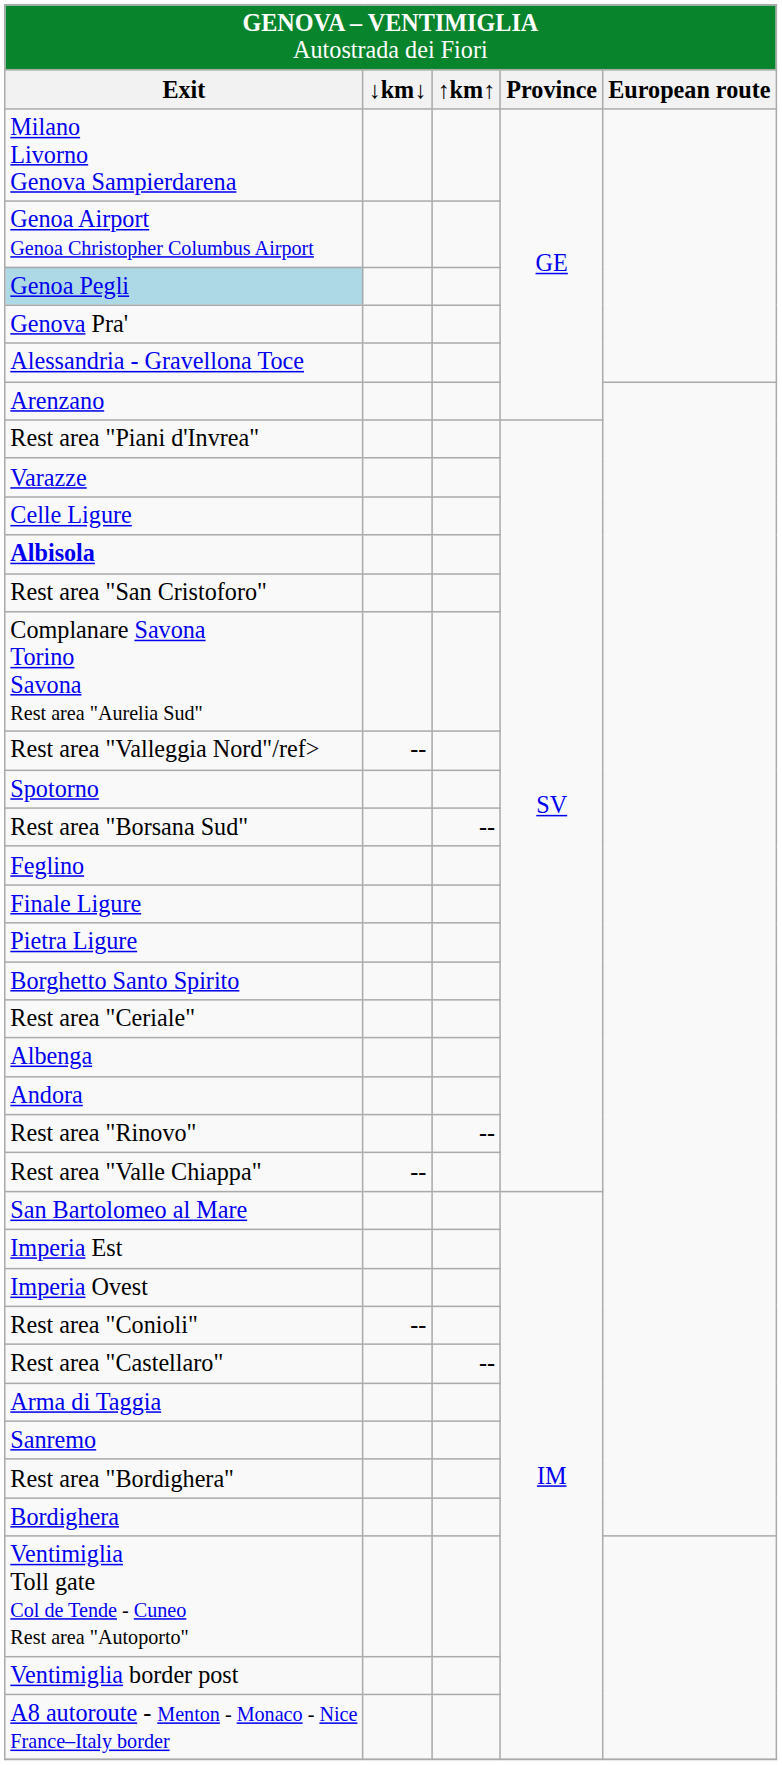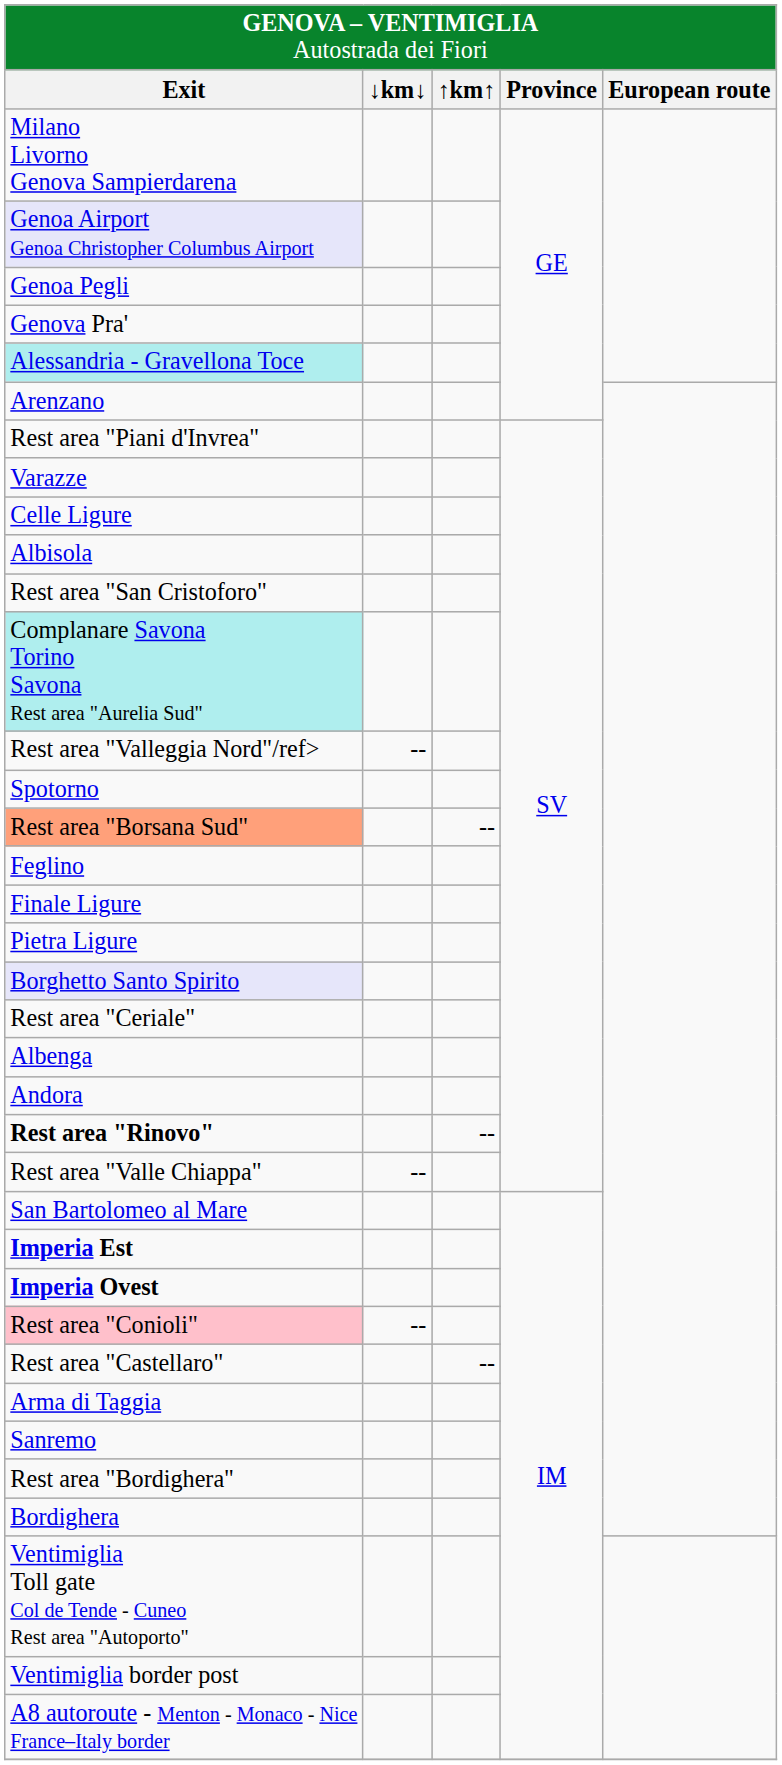 <table class="wikitable">
 <tr align="center" style="color: white;" bgcolor="#08842c">
 <td colspan="6"><strong> GENOVA – VENTIMIGLIA</strong><br>Autostrada dei Fiori</td>
 </tr>
 <tr>
 <th><strong>Exit</strong></th>
 <th align="center"><strong>↓km↓</strong></th>
 <th align="center"><strong>↑km↑</strong></th>
 <th align="center"><strong>Province</strong></th>
 <th align="center"><strong>European route</strong></th>
 </tr>
 <tr>
 <td>  <a href='#'>Milano</a><br>  <a href='#'>Livorno</a><br>  <a href='#'>Genova Sampierdarena</a></td>
 <td align="right"></td>
 <td align="right"></td>
 <td rowspan=6 align="center"><a href='#'>GE</a></td>
 <td rowspan=5 align="center"><br></td>
 </tr>
 <tr>
-<td> <a href='#'>Genoa Airport</a><br><small>  <a href='#'>Genoa Christopher Columbus Airport</a></small></td>
+<td style="background: lavender;"> <a href='#'>Genoa Airport</a><br><small>  <a href='#'>Genoa Christopher Columbus Airport</a></small></td>
 <td align="right"></td>
 <td align="right"></td>
 </tr>
 <tr>
-<td style="background: lightblue;"> <a href='#'>Genoa Pegli</a></td>
+<td> <a href='#'>Genoa Pegli</a></td>
 <td align="right"></td>
 <td align="right"></td>
 </tr>
 <tr>
 <td> <a href='#'>Genova</a>  Pra'</td>
 <td align="right"></td>
 <td align="right"></td>
 </tr>
 <tr>
-<td>  <a href='#'>Alessandria - Gravellona Toce</a></td>
+<td style="background: paleturquoise;">  <a href='#'>Alessandria - Gravellona Toce</a></td>
 <td align="right"></td>
 <td align="right"></td>
 </tr>
 <tr>
 <td> <a href='#'>Arenzano</a></td>
 <td align="right"></td>
 <td align="right"></td>
 <td rowspan=28 align="center"></td>
 </tr>
 <tr>
 <td>  Rest area "Piani d'Invrea"</td>
 <td align="right"></td>
 <td align="right"></td>
 <td rowspan=18 align="center"><a href='#'>SV</a></td>
 </tr>
 <tr>
 <td> <a href='#'>Varazze</a></td>
 <td align="right"></td>
 <td align="right"></td>
 </tr>
 <tr>
 <td> <a href='#'>Celle Ligure</a></td>
 <td align="right"></td>
 <td align="right"></td>
 </tr>
 <tr>
-<td><strong> <a href='#'>Albisola</a></strong></td>
+<td> <a href='#'>Albisola</a></td>
 <td align="right"></td>
 <td align="right"></td>
 </tr>
 <tr>
 <td>  Rest area "San Cristoforo"</td>
 <td align="right"></td>
 <td align="right"></td>
 </tr>
 <tr>
-<td> Complanare <a href='#'>Savona</a><br> <a href='#'>Torino</a><br> <a href='#'>Savona</a><br><small>  Rest area "Aurelia Sud"</small></td>
+<td style="background: paleturquoise;"> Complanare <a href='#'>Savona</a><br> <a href='#'>Torino</a><br> <a href='#'>Savona</a><br><small>  Rest area "Aurelia Sud"</small></td>
 <td align="right"></td>
 <td align="right"></td>
 </tr>
 <tr>
 <td>  Rest area "Valleggia Nord"/ref></td>
 <td align="right">--</td>
 <td align="right"></td>
 </tr>
 <tr>
 <td> <a href='#'>Spotorno</a></td>
 <td align="right"></td>
 <td align="right"></td>
 </tr>
 <tr>
-<td>  Rest area "Borsana Sud"</td>
+<td style="background: lightsalmon;">  Rest area "Borsana Sud"</td>
 <td align="right"></td>
 <td align="right">--</td>
 </tr>
 <tr>
 <td> <a href='#'>Feglino</a></td>
 <td align="right"></td>
 <td align="right"></td>
 </tr>
 <tr>
 <td> <a href='#'>Finale Ligure</a></td>
 <td align="right"></td>
 <td align="right"></td>
 </tr>
 <tr>
 <td> <a href='#'>Pietra Ligure</a></td>
 <td align="right"></td>
 <td align="right"></td>
 </tr>
 <tr>
-<td> <a href='#'>Borghetto Santo Spirito</a></td>
+<td style="background: lavender;"> <a href='#'>Borghetto Santo Spirito</a></td>
 <td align="right"></td>
 <td align="right"></td>
 </tr>
 <tr>
 <td>  Rest area "Ceriale"</td>
 <td align="right"></td>
 <td align="right"></td>
 </tr>
 <tr>
 <td> <a href='#'>Albenga</a></td>
 <td align="right"></td>
 <td align="right"></td>
 </tr>
 <tr>
 <td> <a href='#'>Andora</a></td>
 <td align="right"></td>
 <td align="right"></td>
 </tr>
 <tr>
-<td>  Rest area "Rinovo"</td>
+<td><strong>  Rest area "Rinovo"</strong></td>
 <td align="right"></td>
 <td align="right">--</td>
 </tr>
 <tr>
 <td>  Rest area "Valle Chiappa"</td>
 <td align="right">--</td>
 <td align="right"></td>
 </tr>
 <tr>
 <td> <a href='#'>San Bartolomeo al Mare</a></td>
 <td align="right"></td>
 <td align="right"></td>
 <td rowspan=12 align="center"><a href='#'>IM</a></td>
 </tr>
 <tr>
-<td> <a href='#'>Imperia</a> Est</td>
+<td><strong> <a href='#'>Imperia</a> Est</strong></td>
 <td align="right"></td>
 <td align="right"></td>
 </tr>
 <tr>
-<td> <a href='#'>Imperia</a> Ovest</td>
+<td><strong> <a href='#'>Imperia</a> Ovest</strong></td>
 <td align="right"></td>
 <td align="right"></td>
 </tr>
 <tr>
-<td>  Rest area "Conioli"</td>
+<td style="background: pink;">  Rest area "Conioli"</td>
 <td align="right">--</td>
 <td align="right"></td>
 </tr>
 <tr>
 <td>  Rest area "Castellaro"</td>
 <td align="right"></td>
 <td align="right">--</td>
 </tr>
 <tr>
 <td> <a href='#'>Arma di Taggia</a></td>
 <td align="right"></td>
 <td align="right"></td>
 </tr>
 <tr>
 <td> <a href='#'>Sanremo</a></td>
 <td align="right"></td>
 <td align="right"></td>
 </tr>
 <tr>
 <td>  Rest area "Bordighera"</td>
 <td align="right"></td>
 <td align="right"></td>
 </tr>
 <tr>
 <td> <a href='#'>Bordighera</a></td>
 <td align="right"></td>
 <td align="right"></td>
 </tr>
 <tr>
 <td> <a href='#'>Ventimiglia</a><br> Toll gate<br><small> <a href='#'>Col de Tende</a> - <a href='#'>Cuneo</a><br>  Rest area "Autoporto"</small></td>
 <td align="right"></td>
 <td align="right"></td>
 <td rowspan=3 align="center"><br></td>
 </tr>
 <tr>
 <td> <a href='#'>Ventimiglia</a> border post</td>
 <td align="right"></td>
 <td align="right"></td>
 </tr>
 <tr>
 <td>    <a href='#'>A8 autoroute</a> - <small><a href='#'>Menton</a> - <a href='#'>Monaco</a> - <a href='#'>Nice</a></small><br>  <small><a href='#'>France–Italy border</a></small></td>
 <td align="right"></td>
 <td align="right"></td>
 </tr>
 <tr>
 </tr>
 </table>
